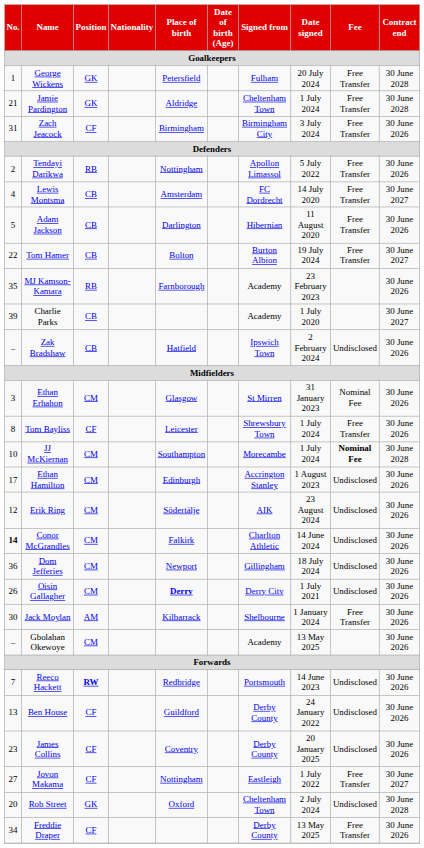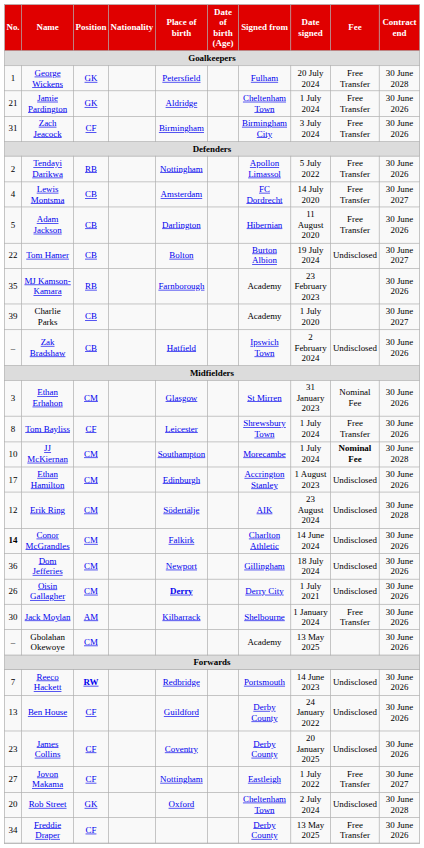 <table class="wikitable" style="text-align:center; font-size:84.5%; width:101%;">
 <tr>
 <th style="background:#E00000; color:white; text-align:center;">No.</th>
 <th style="background:#E00000; color:white; text-align:center;">Name</th>
 <th style="background:#E00000; color:white; text-align:center;">Position</th>
 <th style="background:#E00000; color:white; text-align:center;">Nationality</th>
 <th style="background:#E00000; color:white; text-align:center;">Place of birth</th>
 <th style="background:#E00000; color:white; text-align:center;">Date of birth (Age)</th>
 <th style="background:#E00000; color:white; text-align:center;">Signed from</th>
 <th style="background:#E00000; color:white; text-align:center;">Date signed</th>
 <th style="background:#E00000; color:white; text-align:center;">Fee</th>
 <th style="background:#E00000; color:white; text-align:center;">Contract end</th>
 </tr>
 <tr>
 <th colspan=14 style="background:#dcdcdc; tepxt-align:center;">Goalkeepers</th>
 </tr>
 <tr>
 <td>1</td>
 <td><a href='#'>George Wickens</a></td>
 <td><a href='#'>GK</a></td>
 <td></td>
 <td><a href='#'>Petersfield</a></td>
 <td></td>
 <td><a href='#'>Fulham</a></td>
 <td>20 July 2024</td>
 <td>Free Transfer</td>
 <td>30 June 2028</td>
 </tr>
 <tr>
 <td>21</td>
 <td><a href='#'>Jamie Pardington</a></td>
 <td><a href='#'>GK</a></td>
 <td></td>
 <td><a href='#'>Aldridge</a></td>
 <td></td>
 <td><a href='#'>Cheltenham Town</a></td>
 <td>1 July 2024</td>
 <td>Free Transfer</td>
-<td>30 June 2028</td>
+<td>30 June 2026</td>
 </tr>
 <tr>
 <td>31</td>
 <td><a href='#'>Zach Jeacock</a></td>
 <td><a href='#'>CF</a></td>
 <td></td>
 <td><a href='#'>Birmingham</a></td>
 <td></td>
 <td><a href='#'>Birmingham City</a></td>
 <td>3 July 2024</td>
 <td>Free Transfer</td>
 <td>30 June 2026</td>
 </tr>
 <tr>
 <th colspan=14 style="background:#dcdcdc; tepxt-align:center;">Defenders</th>
 </tr>
 <tr>
 <td>2</td>
 <td><a href='#'>Tendayi Darikwa</a></td>
 <td><a href='#'>RB</a></td>
 <td></td>
 <td><a href='#'>Nottingham</a></td>
 <td></td>
 <td><a href='#'>Apollon Limassol</a></td>
 <td>5 July 2022</td>
 <td>Free Transfer</td>
 <td>30 June 2026</td>
 </tr>
 <tr>
 <td>4</td>
 <td><a href='#'>Lewis Montsma</a></td>
 <td><a href='#'>CB</a></td>
 <td></td>
 <td><a href='#'>Amsterdam</a></td>
 <td></td>
 <td><a href='#'>FC Dordrecht</a></td>
 <td>14 July 2020</td>
 <td>Free Transfer</td>
 <td>30 June 2027</td>
 </tr>
 <tr>
 <td>5</td>
 <td><a href='#'>Adam Jackson</a></td>
 <td><a href='#'>CB</a></td>
 <td></td>
 <td><a href='#'>Darlington</a></td>
 <td></td>
 <td><a href='#'>Hibernian</a></td>
 <td>11 August 2020</td>
 <td>Free Transfer</td>
 <td>30 June 2026</td>
 </tr>
 <tr>
 <td>22</td>
 <td><a href='#'>Tom Hamer</a></td>
 <td><a href='#'>CB</a></td>
 <td></td>
 <td><a href='#'>Bolton</a></td>
 <td></td>
 <td><a href='#'>Burton Albion</a></td>
 <td>19 July 2024</td>
-<td>Free Transfer</td>
+<td>Undisclosed</td>
 <td>30 June 2027</td>
 </tr>
 <tr>
 <td>35</td>
 <td><a href='#'>MJ Kamson-Kamara</a></td>
 <td><a href='#'>RB</a></td>
 <td></td>
 <td><a href='#'>Farnborough</a></td>
 <td></td>
 <td>Academy</td>
 <td>23 February 2023</td>
 <td></td>
 <td>30 June 2026</td>
 </tr>
 <tr>
 <td>39</td>
 <td>Charlie Parks</td>
 <td><a href='#'>CB</a></td>
 <td></td>
 <td></td>
 <td></td>
 <td>Academy</td>
 <td>1 July 2020</td>
 <td></td>
 <td>30 June 2027</td>
 </tr>
 <tr>
 <td>–</td>
 <td><a href='#'>Zak Bradshaw</a></td>
 <td><a href='#'>CB</a></td>
 <td></td>
 <td><a href='#'>Hatfield</a></td>
 <td></td>
 <td><a href='#'>Ipswich Town</a></td>
 <td>2 February 2024</td>
 <td>Undisclosed</td>
 <td>30 June 2026</td>
 </tr>
 <tr>
 <th colspan=14 style="background:#dcdcdc; tepxt-align:center;">Midfielders</th>
 </tr>
 <tr>
 <td>3</td>
 <td><a href='#'>Ethan Erhahon</a></td>
 <td><a href='#'>CM</a></td>
 <td></td>
 <td><a href='#'>Glasgow</a></td>
 <td></td>
 <td><a href='#'>St Mirren</a></td>
 <td>31 January 2023</td>
 <td>Nominal Fee</td>
 <td>30 June 2026</td>
 </tr>
 <tr>
 <td>8</td>
 <td><a href='#'>Tom Bayliss</a></td>
 <td><a href='#'>CF</a></td>
 <td></td>
 <td><a href='#'>Leicester</a></td>
 <td></td>
 <td><a href='#'>Shrewsbury Town</a></td>
 <td>1 July 2024</td>
 <td>Free Transfer</td>
 <td>30 June 2026</td>
 </tr>
 <tr>
 <td>10</td>
 <td><a href='#'>JJ McKiernan</a></td>
 <td><a href='#'>CM</a></td>
 <td></td>
 <td><a href='#'>Southampton</a></td>
 <td></td>
 <td><a href='#'>Morecambe</a></td>
 <td>1 July 2024</td>
 <td><strong>Nominal Fee</strong></td>
 <td>30 June 2028</td>
 </tr>
 <tr>
 <td>17</td>
 <td><a href='#'>Ethan Hamilton</a></td>
 <td><a href='#'>CM</a></td>
 <td></td>
 <td><a href='#'>Edinburgh</a></td>
 <td></td>
 <td><a href='#'>Accrington Stanley</a></td>
 <td>1 August 2023</td>
 <td>Undisclosed</td>
 <td>30 June 2026</td>
 </tr>
 <tr>
 <td>12</td>
 <td><a href='#'>Erik Ring</a></td>
 <td><a href='#'>CM</a></td>
 <td></td>
 <td><a href='#'>Södertälje</a></td>
 <td></td>
 <td><a href='#'>AIK</a></td>
 <td>23 August 2024</td>
 <td>Undisclosed</td>
-<td>30 June 2026</td>
+<td>30 June 2028</td>
 </tr>
 <tr>
 <td><strong>14</strong></td>
 <td><a href='#'>Conor McGrandles</a></td>
 <td><a href='#'>CM</a></td>
 <td></td>
 <td><a href='#'>Falkirk</a></td>
 <td></td>
 <td><a href='#'>Charlton Athletic</a></td>
 <td>14 June 2024</td>
 <td>Undisclosed</td>
 <td>30 June 2026</td>
 </tr>
 <tr>
 <td>36</td>
 <td><a href='#'>Dom Jefferies</a></td>
 <td><a href='#'>CM</a></td>
 <td></td>
 <td><a href='#'>Newport</a></td>
 <td></td>
 <td><a href='#'>Gillingham</a></td>
 <td>18 July 2024</td>
 <td>Undisclosed</td>
 <td>30 June 2026</td>
 </tr>
 <tr>
 <td>26</td>
 <td><a href='#'>Oisin Gallagher</a></td>
 <td><a href='#'>CM</a></td>
 <td></td>
 <td><strong><a href='#'>Derry</a></strong></td>
 <td></td>
 <td><a href='#'>Derry City</a></td>
 <td>1 July 2021</td>
 <td>Undisclosed</td>
 <td>30 June 2026</td>
 </tr>
 <tr>
 <td>30</td>
 <td><a href='#'>Jack Moylan</a></td>
 <td><a href='#'>AM</a></td>
 <td></td>
 <td><a href='#'>Kilbarrack</a></td>
 <td></td>
 <td><a href='#'>Shelbourne</a></td>
 <td>1 January 2024</td>
 <td>Free Transfer</td>
 <td>30 June 2026</td>
 </tr>
 <tr>
 <td>–</td>
 <td>Gbolahan Okewoye</td>
 <td><a href='#'>CM</a></td>
 <td></td>
 <td></td>
 <td></td>
 <td>Academy</td>
 <td>13 May 2025</td>
 <td></td>
 <td>30 June 2026</td>
 </tr>
 <tr>
 <th colspan=14 style="background:#dcdcdc; tepxt-align:center;">Forwards</th>
 </tr>
 <tr>
 <td>7</td>
 <td><a href='#'>Reeco Hackett</a></td>
 <td><strong><a href='#'>RW</a></strong></td>
 <td></td>
 <td><a href='#'>Redbridge</a></td>
 <td></td>
 <td><a href='#'>Portsmouth</a></td>
 <td>14 June 2023</td>
 <td>Undisclosed</td>
 <td>30 June 2026</td>
 </tr>
 <tr>
 <td>13</td>
 <td><a href='#'>Ben House</a></td>
 <td><a href='#'>CF</a></td>
 <td></td>
 <td><a href='#'>Guildford</a></td>
 <td></td>
 <td><a href='#'>Derby County</a></td>
 <td>24 January 2022</td>
 <td>Undisclosed</td>
 <td>30 June 2026</td>
 </tr>
 <tr>
 <td>23</td>
 <td><a href='#'>James Collins</a></td>
 <td><a href='#'>CF</a></td>
 <td></td>
 <td><a href='#'>Coventry</a></td>
 <td></td>
 <td><a href='#'>Derby County</a></td>
 <td>20 January 2025</td>
 <td>Undisclosed</td>
 <td>30 June 2026</td>
 </tr>
 <tr>
 <td>27</td>
 <td><a href='#'>Jovon Makama</a></td>
 <td><a href='#'>CF</a></td>
 <td></td>
 <td><a href='#'>Nottingham</a></td>
 <td></td>
 <td><a href='#'>Eastleigh</a></td>
 <td>1 July 2022</td>
 <td>Free Transfer</td>
 <td>30 June 2027</td>
 </tr>
 <tr>
 <td>20</td>
 <td><a href='#'>Rob Street</a></td>
 <td><a href='#'>GK</a></td>
 <td></td>
 <td><a href='#'>Oxford</a></td>
 <td></td>
 <td><a href='#'>Cheltenham Town</a></td>
 <td>2 July 2024</td>
 <td>Undisclosed</td>
 <td>30 June 2028</td>
 </tr>
 <tr>
 <td>34</td>
 <td><a href='#'>Freddie Draper</a></td>
 <td><a href='#'>CF</a></td>
 <td></td>
 <td></td>
 <td></td>
 <td><a href='#'>Derby County</a></td>
 <td>13 May 2025</td>
 <td>Free Transfer</td>
 <td>30 June 2026</td>
 </tr>
 <tr>
 </tr>
 </table>
